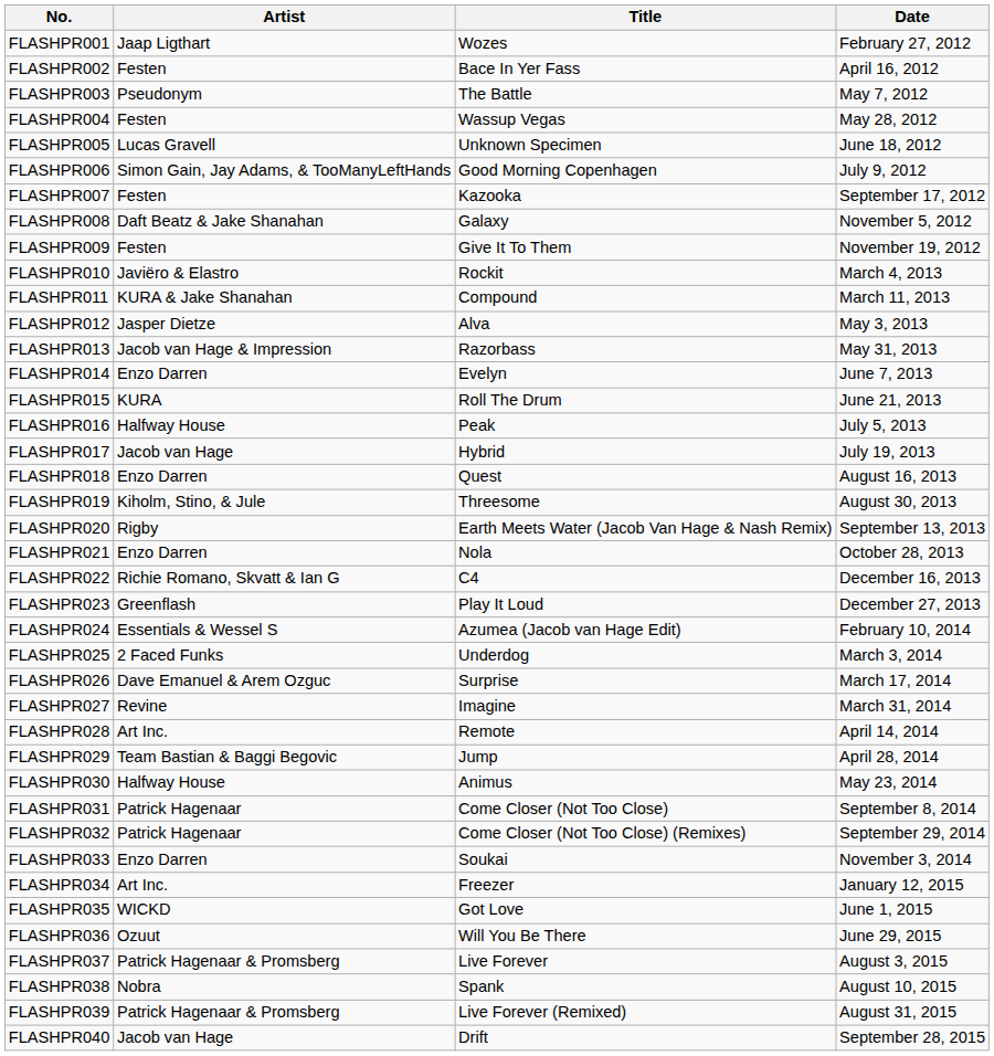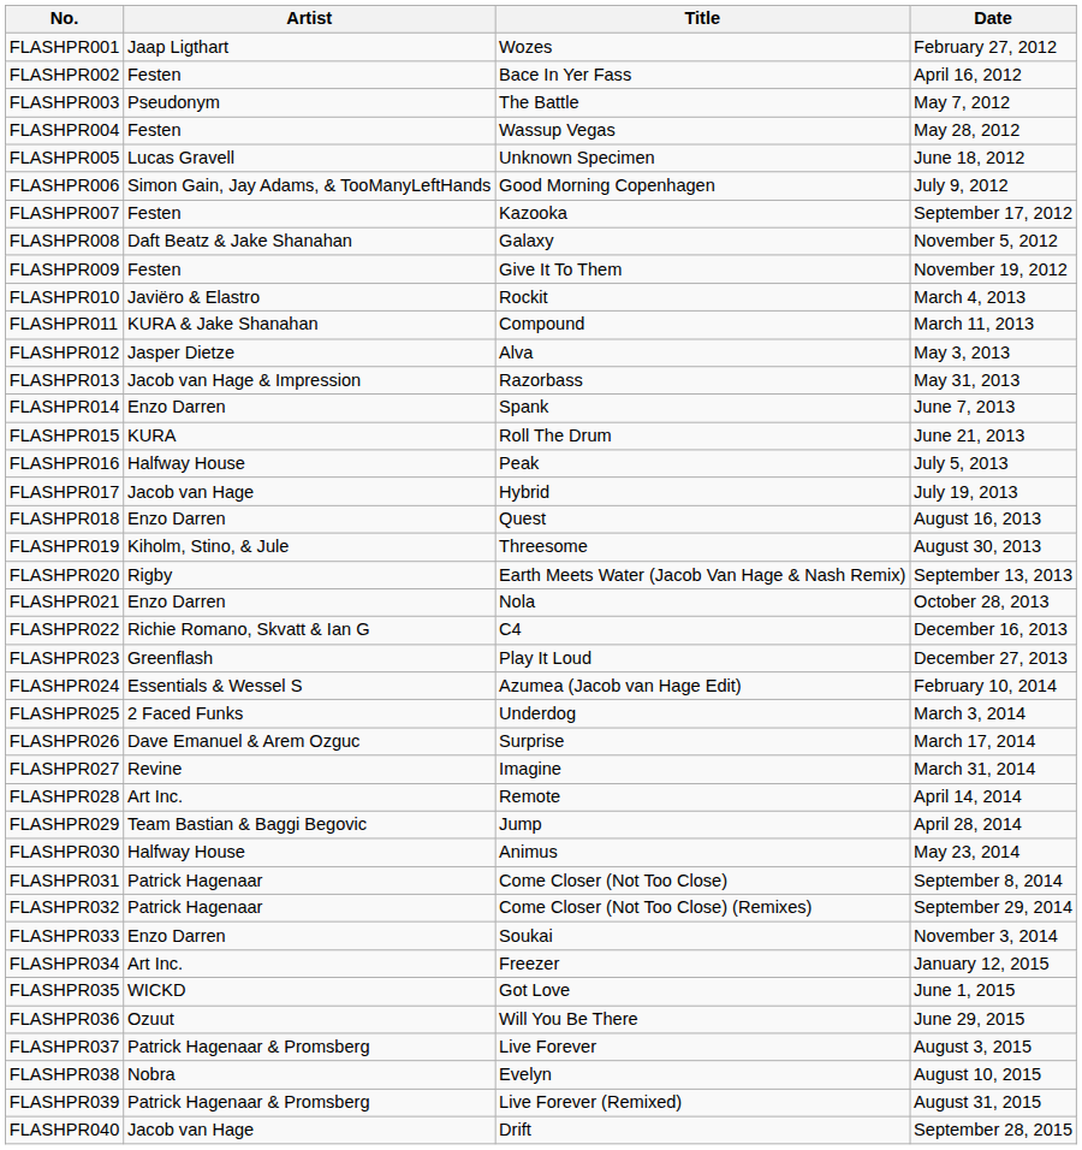 <table class="wikitable sortable">
 <tr>
 <th>No.</th>
 <th>Artist</th>
 <th>Title</th>
 <th>Date</th>
 </tr>
 <tr>
 <td>FLASHPR001</td>
 <td>Jaap Ligthart</td>
 <td>Wozes</td>
 <td>February 27, 2012</td>
 </tr>
 <tr>
 <td>FLASHPR002</td>
 <td>Festen</td>
 <td>Bace In Yer Fass</td>
 <td>April 16, 2012</td>
 </tr>
 <tr>
 <td>FLASHPR003</td>
 <td>Pseudonym</td>
 <td>The Battle</td>
 <td>May 7, 2012</td>
 </tr>
 <tr>
 <td>FLASHPR004</td>
 <td>Festen</td>
 <td>Wassup Vegas</td>
 <td>May 28, 2012</td>
 </tr>
 <tr>
 <td>FLASHPR005</td>
 <td>Lucas Gravell</td>
 <td>Unknown Specimen</td>
 <td>June 18, 2012</td>
 </tr>
 <tr>
 <td>FLASHPR006</td>
 <td>Simon Gain, Jay Adams, & TooManyLeftHands</td>
 <td>Good Morning Copenhagen</td>
 <td>July 9, 2012</td>
 </tr>
 <tr>
 <td>FLASHPR007</td>
 <td>Festen</td>
 <td>Kazooka</td>
 <td>September 17, 2012</td>
 </tr>
 <tr>
 <td>FLASHPR008</td>
 <td>Daft Beatz & Jake Shanahan</td>
 <td>Galaxy</td>
 <td>November 5, 2012</td>
 </tr>
 <tr>
 <td>FLASHPR009</td>
 <td>Festen</td>
 <td>Give It To Them</td>
 <td>November 19, 2012</td>
 </tr>
 <tr>
 <td>FLASHPR010</td>
 <td>Javiëro & Elastro</td>
 <td>Rockit</td>
 <td>March 4, 2013</td>
 </tr>
 <tr>
 <td>FLASHPR011</td>
 <td>KURA & Jake Shanahan</td>
 <td>Compound</td>
 <td>March 11, 2013</td>
 </tr>
 <tr>
 <td>FLASHPR012</td>
 <td>Jasper Dietze</td>
 <td>Alva</td>
 <td>May 3, 2013</td>
 </tr>
 <tr>
 <td>FLASHPR013</td>
 <td>Jacob van Hage & Impression</td>
 <td>Razorbass</td>
 <td>May 31, 2013</td>
 </tr>
 <tr>
 <td>FLASHPR014</td>
 <td>Enzo Darren</td>
-<td>Evelyn</td>
+<td>Spank</td>
 <td>June 7, 2013</td>
 </tr>
 <tr>
 <td>FLASHPR015</td>
 <td>KURA</td>
 <td>Roll The Drum</td>
 <td>June 21, 2013</td>
 </tr>
 <tr>
 <td>FLASHPR016</td>
 <td>Halfway House</td>
 <td>Peak</td>
 <td>July 5, 2013</td>
 </tr>
 <tr>
 <td>FLASHPR017</td>
 <td>Jacob van Hage</td>
 <td>Hybrid</td>
 <td>July 19, 2013</td>
 </tr>
 <tr>
 <td>FLASHPR018</td>
 <td>Enzo Darren</td>
 <td>Quest</td>
 <td>August 16, 2013</td>
 </tr>
 <tr>
 <td>FLASHPR019</td>
 <td>Kiholm, Stino, & Jule</td>
 <td>Threesome</td>
 <td>August 30, 2013</td>
 </tr>
 <tr>
 <td>FLASHPR020</td>
 <td>Rigby</td>
 <td>Earth Meets Water (Jacob Van Hage & Nash Remix)</td>
 <td>September 13, 2013</td>
 </tr>
 <tr>
 <td>FLASHPR021</td>
 <td>Enzo Darren</td>
 <td>Nola</td>
 <td>October 28, 2013</td>
 </tr>
 <tr>
 <td>FLASHPR022</td>
 <td>Richie Romano, Skvatt & Ian G</td>
 <td>C4</td>
 <td>December 16, 2013</td>
 </tr>
 <tr>
 <td>FLASHPR023</td>
 <td>Greenflash</td>
 <td>Play It Loud</td>
 <td>December 27, 2013</td>
 </tr>
 <tr>
 <td>FLASHPR024</td>
 <td>Essentials & Wessel S</td>
 <td>Azumea (Jacob van Hage Edit)</td>
 <td>February 10, 2014</td>
 </tr>
 <tr>
 <td>FLASHPR025</td>
 <td>2 Faced Funks</td>
 <td>Underdog</td>
 <td>March 3, 2014</td>
 </tr>
 <tr>
 <td>FLASHPR026</td>
 <td>Dave Emanuel & Arem Ozguc</td>
 <td>Surprise</td>
 <td>March 17, 2014</td>
 </tr>
 <tr>
 <td>FLASHPR027</td>
 <td>Revine</td>
 <td>Imagine</td>
 <td>March 31, 2014</td>
 </tr>
 <tr>
 <td>FLASHPR028</td>
 <td>Art Inc.</td>
 <td>Remote</td>
 <td>April 14, 2014</td>
 </tr>
 <tr>
 <td>FLASHPR029</td>
 <td>Team Bastian & Baggi Begovic</td>
 <td>Jump</td>
 <td>April 28, 2014</td>
 </tr>
 <tr>
 <td>FLASHPR030</td>
 <td>Halfway House</td>
 <td>Animus</td>
 <td>May 23, 2014</td>
 </tr>
 <tr>
 <td>FLASHPR031</td>
 <td>Patrick Hagenaar</td>
 <td>Come Closer (Not Too Close)</td>
 <td>September 8, 2014</td>
 </tr>
 <tr>
 <td>FLASHPR032</td>
 <td>Patrick Hagenaar</td>
 <td>Come Closer (Not Too Close) (Remixes)</td>
 <td>September 29, 2014</td>
 </tr>
 <tr>
 <td>FLASHPR033</td>
 <td>Enzo Darren</td>
 <td>Soukai</td>
 <td>November 3, 2014</td>
 </tr>
 <tr>
 <td>FLASHPR034</td>
 <td>Art Inc.</td>
 <td>Freezer</td>
 <td>January 12, 2015</td>
 </tr>
 <tr>
 <td>FLASHPR035</td>
 <td>WICKD</td>
 <td>Got Love</td>
 <td>June 1, 2015</td>
 </tr>
 <tr>
 <td>FLASHPR036</td>
 <td>Ozuut</td>
 <td>Will You Be There</td>
 <td>June 29, 2015</td>
 </tr>
 <tr>
 <td>FLASHPR037</td>
 <td>Patrick Hagenaar & Promsberg</td>
 <td>Live Forever</td>
 <td>August 3, 2015</td>
 </tr>
 <tr>
 <td>FLASHPR038</td>
 <td>Nobra</td>
-<td>Spank</td>
+<td>Evelyn</td>
 <td>August 10, 2015</td>
 </tr>
 <tr>
 <td>FLASHPR039</td>
 <td>Patrick Hagenaar & Promsberg</td>
 <td>Live Forever (Remixed)</td>
 <td>August 31, 2015</td>
 </tr>
 <tr>
 <td>FLASHPR040</td>
 <td>Jacob van Hage</td>
 <td>Drift</td>
 <td>September 28, 2015</td>
 </tr>
 </table>
